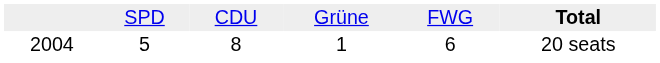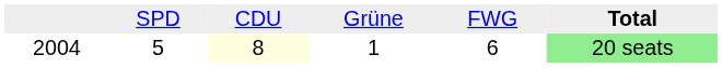 <table border="0" cellpadding="2" cellspacing="0" width="60%">
 <tr bgcolor="#eeeeee" align="center">
 <td></td>
 <td><a href='#'>SPD</a></td>
 <td><a href='#'>CDU</a></td>
 <td><a href='#'>Grüne</a></td>
 <td><a href='#'>FWG</a></td>
 <td><strong>Total</strong></td>
 </tr>
 <tr align="center">
 <td>2004</td>
 <td>5</td>
-<td>8</td>
+<td style="background: lightyellow;">8</td>
 <td>1</td>
 <td>6</td>
-<td>20 seats</td>
+<td style="background: lightgreen;">20 seats</td>
 </tr>
 </table>
